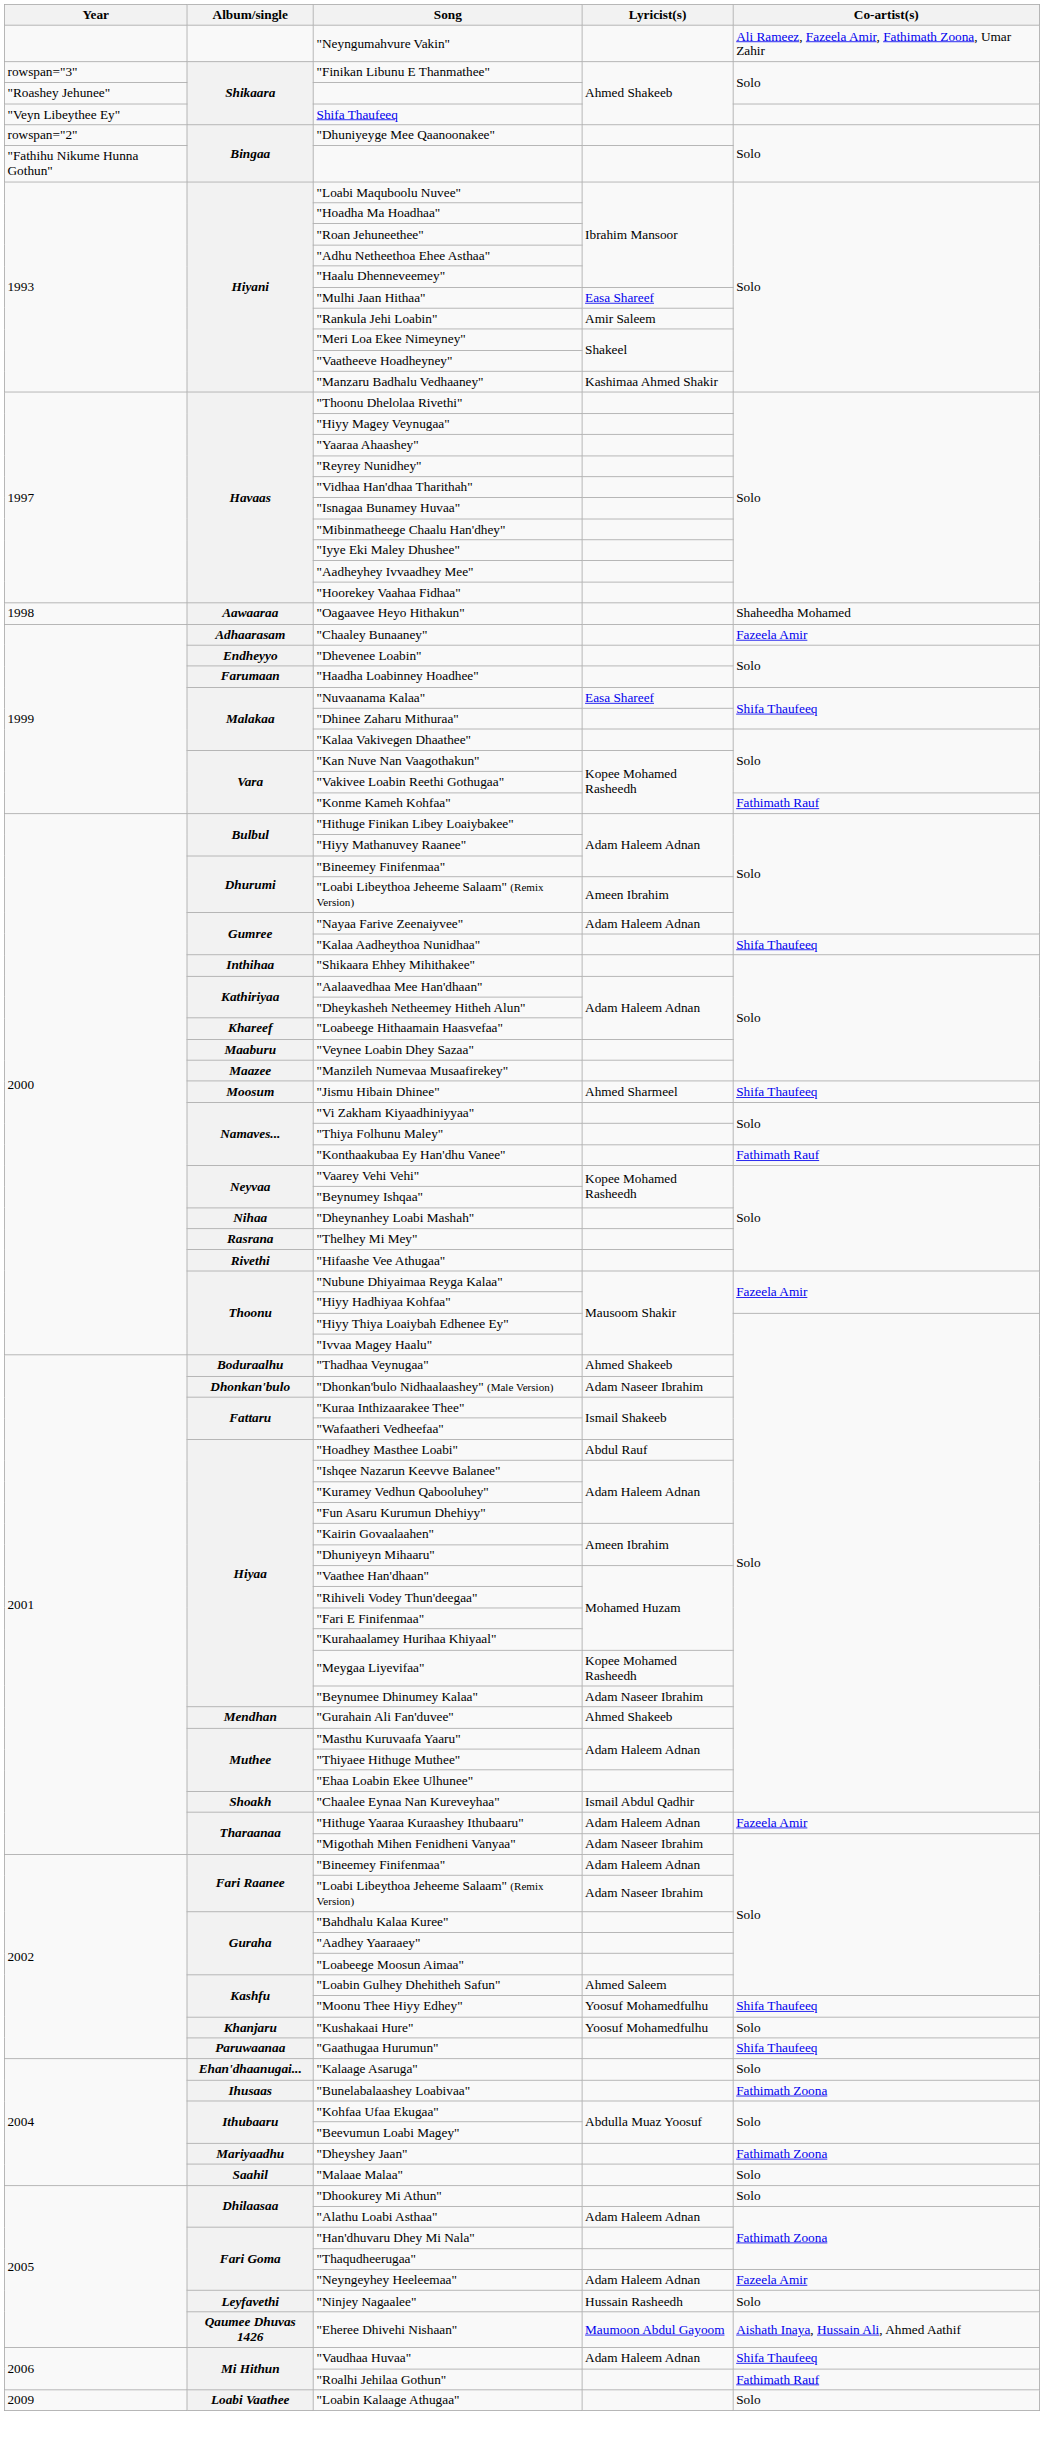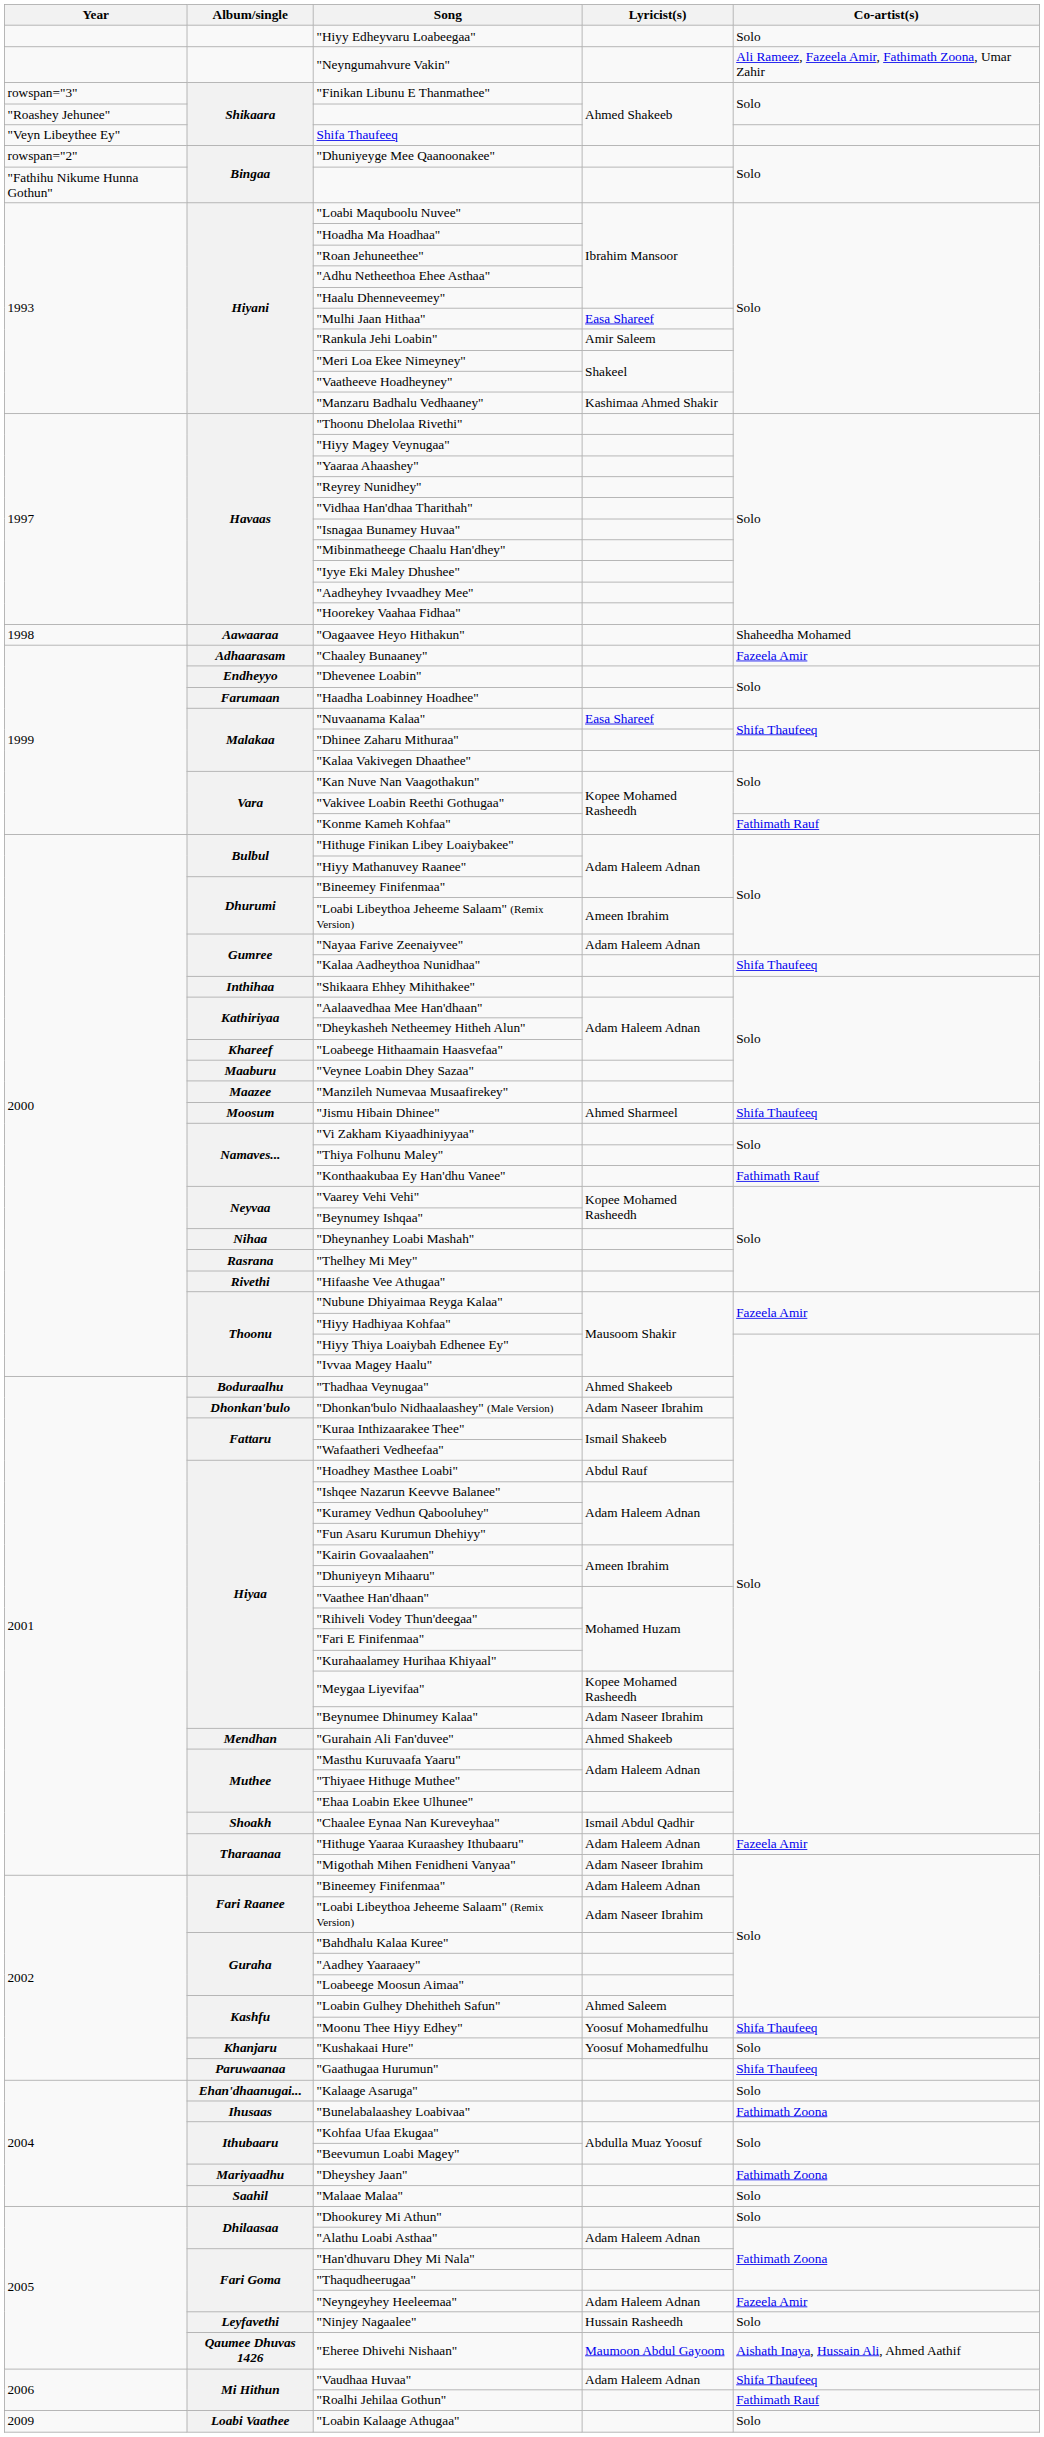 <table class="wikitable plainrowheaders">
 <tr>
 <th scope="col">Year</th>
 <th scope="col">Album/single</th>
 <th scope="col">Song</th>
 <th scope="col">Lyricist(s)</th>
 <th scope="col">Co-artist(s)</th>
+</tr>
+<tr>
+<td></td>
+<td></td>
+<td>"Hiyy Edheyvaru Loabeegaa"</td>
+<td></td>
+<td>Solo</td>
 </tr>
 <tr>
 <td></td>
 <td></td>
 <td>"Neyngumahvure Vakin"</td>
 <td></td>
 <td><a href='#'>Ali Rameez</a>, <a href='#'>Fazeela Amir</a>, <a href='#'>Fathimath Zoona</a>, Umar Zahir</td>
 </tr>
 <tr>
 <td>rowspan="3" </td>
 <th scope="row" rowspan="3"><em>Shikaara</em></th>
 <td>"Finikan Libunu E Thanmathee"</td>
 <td rowspan="3">Ahmed Shakeeb</td>
 <td rowspan="2">Solo</td>
 </tr>
 <tr>
 <td>"Roashey Jehunee"</td>
 </tr>
 <tr>
 <td>"Veyn Libeythee Ey"</td>
 <td><a href='#'>Shifa Thaufeeq</a></td>
 </tr>
 <tr>
 <td>rowspan="2" </td>
 <th scope="row" rowspan="2"><em>Bingaa</em></th>
 <td>"Dhuniyeyge Mee Qaanoonakee"</td>
 <td></td>
 <td rowspan="2">Solo</td>
 </tr>
 <tr>
 <td>"Fathihu Nikume Hunna Gothun"</td>
 <td></td>
 </tr>
 <tr>
 <td rowspan="10">1993</td>
 <th scope="row" rowspan="10"><em>Hiyani</em></th>
 <td>"Loabi Maquboolu Nuvee"</td>
 <td rowspan="5">Ibrahim Mansoor</td>
 <td rowspan="10">Solo</td>
 </tr>
 <tr>
 <td>"Hoadha Ma Hoadhaa"</td>
 </tr>
 <tr>
 <td>"Roan Jehuneethee"</td>
 </tr>
 <tr>
 <td>"Adhu Netheethoa Ehee Asthaa"</td>
 </tr>
 <tr>
 <td>"Haalu Dhenneveemey"</td>
 </tr>
 <tr>
 <td>"Mulhi Jaan Hithaa"</td>
 <td><a href='#'>Easa Shareef</a></td>
 </tr>
 <tr>
 <td>"Rankula Jehi Loabin"</td>
 <td>Amir Saleem</td>
 </tr>
 <tr>
 <td>"Meri Loa Ekee Nimeyney"</td>
 <td rowspan="2">Shakeel</td>
 </tr>
 <tr>
 <td>"Vaatheeve Hoadheyney"</td>
 </tr>
 <tr>
 <td>"Manzaru Badhalu Vedhaaney"</td>
 <td>Kashimaa Ahmed Shakir</td>
 </tr>
 <tr>
 <td rowspan="10">1997</td>
 <th scope="row" rowspan="10"><em>Havaas</em></th>
 <td>"Thoonu Dhelolaa Rivethi"</td>
 <td></td>
 <td rowspan="10">Solo</td>
 </tr>
 <tr>
 <td>"Hiyy Magey Veynugaa"</td>
 <td></td>
 </tr>
 <tr>
 <td>"Yaaraa Ahaashey"</td>
 <td></td>
 </tr>
 <tr>
 <td>"Reyrey Nunidhey"</td>
 <td></td>
 </tr>
 <tr>
 <td>"Vidhaa Han'dhaa Tharithah"</td>
 <td></td>
 </tr>
 <tr>
 <td>"Isnagaa Bunamey Huvaa"</td>
 <td></td>
 </tr>
 <tr>
 <td>"Mibinmatheege Chaalu Han'dhey"</td>
 <td></td>
 </tr>
 <tr>
 <td>"Iyye Eki Maley Dhushee"</td>
 <td></td>
 </tr>
 <tr>
 <td>"Aadheyhey Ivvaadhey Mee"</td>
 <td></td>
 </tr>
 <tr>
 <td>"Hoorekey Vaahaa Fidhaa"</td>
 <td></td>
 </tr>
 <tr>
 <td>1998</td>
 <th scope="row"><em>Aawaaraa</em></th>
 <td>"Oagaavee Heyo Hithakun"</td>
 <td></td>
 <td>Shaheedha Mohamed</td>
 </tr>
 <tr>
 <td rowspan="9">1999</td>
 <th scope="row"><em>Adhaarasam</em></th>
 <td>"Chaaley Bunaaney"</td>
 <td></td>
 <td><a href='#'>Fazeela Amir</a></td>
 </tr>
 <tr>
 <th scope="row"><em>Endheyyo</em></th>
 <td>"Dhevenee Loabin"</td>
 <td></td>
 <td rowspan="2">Solo</td>
 </tr>
 <tr>
 <th scope="row"><em>Farumaan</em></th>
 <td>"Haadha Loabinney Hoadhee"</td>
 <td></td>
 </tr>
 <tr>
 <th scope="row" rowspan="3"><em>Malakaa</em></th>
 <td>"Nuvaanama Kalaa"</td>
 <td><a href='#'>Easa Shareef</a></td>
 <td rowspan="2"><a href='#'>Shifa Thaufeeq</a></td>
 </tr>
 <tr>
 <td>"Dhinee Zaharu Mithuraa"</td>
 <td></td>
 </tr>
 <tr>
 <td>"Kalaa Vakivegen Dhaathee"</td>
 <td></td>
 <td rowspan="3">Solo</td>
 </tr>
 <tr>
 <th scope="row" rowspan="3"><em>Vara</em></th>
 <td>"Kan Nuve Nan Vaagothakun"</td>
 <td rowspan="3">Kopee Mohamed Rasheedh</td>
 </tr>
 <tr>
 <td>"Vakivee Loabin Reethi Gothugaa"</td>
 </tr>
 <tr>
 <td>"Konme Kameh Kohfaa"</td>
 <td><a href='#'>Fathimath Rauf</a></td>
 </tr>
 <tr>
 <td rowspan="25">2000</td>
 <th scope="row" rowspan="2"><em>Bulbul</em></th>
 <td>"Hithuge Finikan Libey Loaiybakee"</td>
 <td rowspan="3">Adam Haleem Adnan</td>
 <td rowspan="5">Solo</td>
 </tr>
 <tr>
 <td>"Hiyy Mathanuvey Raanee"</td>
 </tr>
 <tr>
 <th scope="row" rowspan="2"><em>Dhurumi</em></th>
 <td>"Bineemey Finifenmaa"</td>
 </tr>
 <tr>
 <td>"Loabi Libeythoa Jeheeme Salaam" <small>(Remix Version)</small></td>
 <td>Ameen Ibrahim</td>
 </tr>
 <tr>
 <th scope="row" rowspan="2"><em>Gumree</em></th>
 <td>"Nayaa Farive Zeenaiyvee"</td>
 <td>Adam Haleem Adnan</td>
 </tr>
 <tr>
 <td>"Kalaa Aadheythoa Nunidhaa"</td>
 <td></td>
 <td><a href='#'>Shifa Thaufeeq</a></td>
 </tr>
 <tr>
 <th scope="row"><em>Inthihaa</em></th>
 <td>"Shikaara Ehhey Mihithakee"</td>
 <td></td>
 <td rowspan="6">Solo</td>
 </tr>
 <tr>
 <th scope="row" rowspan="2"><em>Kathiriyaa</em></th>
 <td>"Aalaavedhaa Mee Han'dhaan"</td>
 <td rowspan="3">Adam Haleem Adnan</td>
 </tr>
 <tr>
 <td>"Dheykasheh Netheemey Hitheh Alun"</td>
 </tr>
 <tr>
 <th scope="row"><em>Khareef</em></th>
 <td>"Loabeege Hithaamain Haasvefaa"</td>
 </tr>
 <tr>
 <th scope="row"><em>Maaburu</em></th>
 <td>"Veynee Loabin Dhey Sazaa"</td>
 <td></td>
 </tr>
 <tr>
 <th scope="row"><em>Maazee</em></th>
 <td>"Manzileh Numevaa Musaafirekey"</td>
 <td></td>
 </tr>
 <tr>
 <th scope="row"><em>Moosum</em></th>
 <td>"Jismu Hibain Dhinee"</td>
 <td>Ahmed Sharmeel</td>
 <td><a href='#'>Shifa Thaufeeq</a></td>
 </tr>
 <tr>
 <th scope="row" rowspan="3"><em>Namaves...</em></th>
 <td>"Vi Zakham Kiyaadhiniyyaa"</td>
 <td></td>
 <td rowspan="2">Solo</td>
 </tr>
 <tr>
 <td>"Thiya Folhunu Maley"</td>
 <td></td>
 </tr>
 <tr>
 <td>"Konthaakubaa Ey Han'dhu Vanee"</td>
 <td></td>
 <td><a href='#'>Fathimath Rauf</a></td>
 </tr>
 <tr>
 <th scope="row" rowspan="2"><em>Neyvaa</em></th>
 <td>"Vaarey Vehi Vehi"</td>
 <td rowspan="2">Kopee Mohamed Rasheedh</td>
 <td rowspan="5">Solo</td>
 </tr>
 <tr>
 <td>"Beynumey Ishqaa"</td>
 </tr>
 <tr>
 <th scope="row"><em>Nihaa</em></th>
 <td>"Dheynanhey Loabi Mashah"</td>
 <td></td>
 </tr>
 <tr>
 <th scope="row"><em>Rasrana</em></th>
 <td>"Thelhey Mi Mey"</td>
 <td></td>
 </tr>
 <tr>
 <th scope="row"><em>Rivethi</em></th>
 <td>"Hifaashe Vee Athugaa"</td>
 <td></td>
 </tr>
 <tr>
 <th scope="row" rowspan="4"><em>Thoonu</em></th>
 <td>"Nubune Dhiyaimaa Reyga Kalaa"</td>
 <td rowspan="4">Mausoom Shakir</td>
 <td rowspan="2"><a href='#'>Fazeela Amir</a></td>
 </tr>
 <tr>
 <td>"Hiyy Hadhiyaa Kohfaa"</td>
 </tr>
 <tr>
 <td>"Hiyy Thiya Loaiybah Edhenee Ey"</td>
 <td rowspan="23">Solo</td>
 </tr>
 <tr>
 <td>"Ivvaa Magey Haalu"</td>
 </tr>
 <tr>
 <td rowspan="23">2001</td>
 <th scope="row"><em>Boduraalhu</em></th>
 <td>"Thadhaa Veynugaa"</td>
 <td>Ahmed Shakeeb</td>
 </tr>
 <tr>
 <th scope="row"><em>Dhonkan'bulo</em></th>
 <td>"Dhonkan'bulo Nidhaalaashey" <small>(Male Version)</small></td>
 <td>Adam Naseer Ibrahim</td>
 </tr>
 <tr>
 <th scope="row" rowspan="2"><em>Fattaru</em></th>
 <td>"Kuraa Inthizaarakee Thee"</td>
 <td rowspan="2">Ismail Shakeeb</td>
 </tr>
 <tr>
 <td>"Wafaatheri Vedheefaa"</td>
 </tr>
 <tr>
 <th scope="row" rowspan="12"><em>Hiyaa</em></th>
 <td>"Hoadhey Masthee Loabi"</td>
 <td>Abdul Rauf</td>
 </tr>
 <tr>
 <td>"Ishqee Nazarun Keevve Balanee"</td>
 <td rowspan="3">Adam Haleem Adnan</td>
 </tr>
 <tr>
 <td>"Kuramey Vedhun Qabooluhey"</td>
 </tr>
 <tr>
 <td>"Fun Asaru Kurumun Dhehiyy"</td>
 </tr>
 <tr>
 <td>"Kairin Govaalaahen"</td>
 <td rowspan="2">Ameen Ibrahim</td>
 </tr>
 <tr>
 <td>"Dhuniyeyn Mihaaru"</td>
 </tr>
 <tr>
 <td>"Vaathee Han'dhaan"</td>
 <td rowspan="4">Mohamed Huzam</td>
 </tr>
 <tr>
 <td>"Rihiveli Vodey Thun'deegaa"</td>
 </tr>
 <tr>
 <td>"Fari E Finifenmaa"</td>
 </tr>
 <tr>
 <td>"Kurahaalamey Hurihaa Khiyaal"</td>
 </tr>
 <tr>
 <td>"Meygaa Liyevifaa"</td>
 <td>Kopee Mohamed Rasheedh</td>
 </tr>
 <tr>
 <td>"Beynumee Dhinumey Kalaa"</td>
 <td>Adam Naseer Ibrahim</td>
 </tr>
 <tr>
 <th scope="row"><em>Mendhan</em></th>
 <td>"Gurahain Ali Fan'duvee"</td>
 <td>Ahmed Shakeeb</td>
 </tr>
 <tr>
 <th scope="row" rowspan="3"><em>Muthee</em></th>
 <td>"Masthu Kuruvaafa Yaaru"</td>
 <td rowspan="2">Adam Haleem Adnan</td>
 </tr>
 <tr>
 <td>"Thiyaee Hithuge Muthee"</td>
 </tr>
 <tr>
 <td>"Ehaa Loabin Ekee Ulhunee"</td>
 <td></td>
 </tr>
 <tr>
 <th scope="row"><em>Shoakh</em></th>
 <td>"Chaalee Eynaa Nan Kureveyhaa"</td>
 <td>Ismail Abdul Qadhir</td>
 </tr>
 <tr>
 <th scope="row" rowspan="2"><em>Tharaanaa</em></th>
 <td>"Hithuge Yaaraa Kuraashey Ithubaaru"</td>
 <td>Adam Haleem Adnan</td>
 <td><a href='#'>Fazeela Amir</a></td>
 </tr>
 <tr>
 <td>"Migothah Mihen Fenidheni Vanyaa"</td>
 <td>Adam Naseer Ibrahim</td>
 <td rowspan="7">Solo</td>
 </tr>
 <tr>
 <td rowspan="9">2002</td>
 <th scope="row" rowspan="2"><em>Fari Raanee</em></th>
 <td>"Bineemey Finifenmaa"</td>
 <td>Adam Haleem Adnan</td>
 </tr>
 <tr>
 <td>"Loabi Libeythoa Jeheeme Salaam" <small>(Remix Version)</small></td>
 <td>Adam Naseer Ibrahim</td>
 </tr>
 <tr>
 <th scope="row" rowspan="3"><em>Guraha</em></th>
 <td>"Bahdhalu Kalaa Kuree"</td>
 <td></td>
 </tr>
 <tr>
 <td>"Aadhey Yaaraaey"</td>
 <td></td>
 </tr>
 <tr>
 <td>"Loabeege Moosun Aimaa"</td>
 <td></td>
 </tr>
 <tr>
 <th scope="row" rowspan="2"><em>Kashfu</em></th>
 <td>"Loabin Gulhey Dhehitheh Safun"</td>
 <td>Ahmed Saleem</td>
 </tr>
 <tr>
 <td>"Moonu Thee Hiyy Edhey"</td>
 <td>Yoosuf Mohamedfulhu</td>
 <td><a href='#'>Shifa Thaufeeq</a></td>
 </tr>
 <tr>
 <th scope="row"><em>Khanjaru</em></th>
 <td>"Kushakaai Hure"</td>
 <td>Yoosuf Mohamedfulhu</td>
 <td>Solo</td>
 </tr>
 <tr>
 <th scope="row"><em>Paruwaanaa</em></th>
 <td>"Gaathugaa Hurumun"</td>
 <td></td>
 <td><a href='#'>Shifa Thaufeeq</a></td>
 </tr>
 <tr>
 <td rowspan="6">2004</td>
 <th scope="row"><em>Ehan'dhaanugai...</em></th>
 <td>"Kalaage Asaruga"</td>
 <td></td>
 <td>Solo</td>
 </tr>
 <tr>
 <th scope="row"><em>Ihusaas</em></th>
 <td>"Bunelabalaashey Loabivaa"</td>
 <td></td>
 <td><a href='#'>Fathimath Zoona</a></td>
 </tr>
 <tr>
 <th scope="row" rowspan="2"><em>Ithubaaru</em></th>
 <td>"Kohfaa Ufaa Ekugaa"</td>
 <td rowspan="2">Abdulla Muaz Yoosuf</td>
 <td rowspan="2">Solo</td>
 </tr>
 <tr>
 <td>"Beevumun Loabi Magey"</td>
 </tr>
 <tr>
 <th scope="row"><em>Mariyaadhu</em></th>
 <td>"Dheyshey Jaan"</td>
 <td></td>
 <td><a href='#'>Fathimath Zoona</a></td>
 </tr>
 <tr>
 <th scope="row"><em>Saahil</em></th>
 <td>"Malaae Malaa"</td>
 <td></td>
 <td>Solo</td>
 </tr>
 <tr>
 <td rowspan="7">2005</td>
 <th scope="row" rowspan="2"><em>Dhilaasaa</em></th>
 <td>"Dhookurey Mi Athun"</td>
 <td></td>
 <td>Solo</td>
 </tr>
 <tr>
 <td>"Alathu Loabi Asthaa"</td>
 <td>Adam Haleem Adnan</td>
 <td rowspan="3"><a href='#'>Fathimath Zoona</a></td>
 </tr>
 <tr>
 <th scope="row" rowspan="3"><em>Fari Goma</em></th>
 <td>"Han'dhuvaru Dhey Mi Nala"</td>
 <td></td>
 </tr>
 <tr>
 <td>"Thaqudheerugaa"</td>
 <td></td>
 </tr>
 <tr>
 <td>"Neyngeyhey Heeleemaa"</td>
 <td>Adam Haleem Adnan</td>
 <td><a href='#'>Fazeela Amir</a></td>
 </tr>
 <tr>
 <th scope="row"><em>Leyfavethi</em></th>
 <td>"Ninjey Nagaalee"</td>
 <td>Hussain Rasheedh</td>
 <td>Solo</td>
 </tr>
 <tr>
 <th scope="row"><em>Qaumee Dhuvas 1426</em></th>
 <td>"Eheree Dhivehi Nishaan"</td>
 <td><a href='#'>Maumoon Abdul Gayoom</a></td>
 <td><a href='#'>Aishath Inaya</a>, <a href='#'>Hussain Ali</a>, Ahmed Aathif</td>
 </tr>
 <tr>
 <td rowspan="2">2006</td>
 <th scope="row" rowspan="2"><em>Mi Hithun</em></th>
 <td>"Vaudhaa Huvaa"</td>
 <td>Adam Haleem Adnan</td>
 <td><a href='#'>Shifa Thaufeeq</a></td>
 </tr>
 <tr>
 <td>"Roalhi Jehilaa Gothun"</td>
 <td></td>
 <td><a href='#'>Fathimath Rauf</a></td>
 </tr>
 <tr>
 <td>2009</td>
 <th scope="row"><em>Loabi Vaathee</em></th>
 <td>"Loabin Kalaage Athugaa"</td>
 <td></td>
 <td>Solo</td>
 </tr>
 </table>
